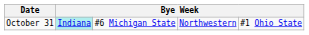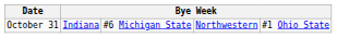 <table class="wikitable" style="font-size:95%;">
 <tr>
 <th>Date</th>
 <th colspan="4">Bye Week</th>
 </tr>
 <tr>
 <td>October 31</td>
-<td style="background: paleturquoise;"><a href='#'>Indiana</a></td>
+<td><a href='#'>Indiana</a></td>
 <td>#6 <a href='#'>Michigan State</a></td>
 <td><a href='#'>Northwestern</a></td>
 <td>#1 <a href='#'>Ohio State</a></td>
 </tr>
 </table>
